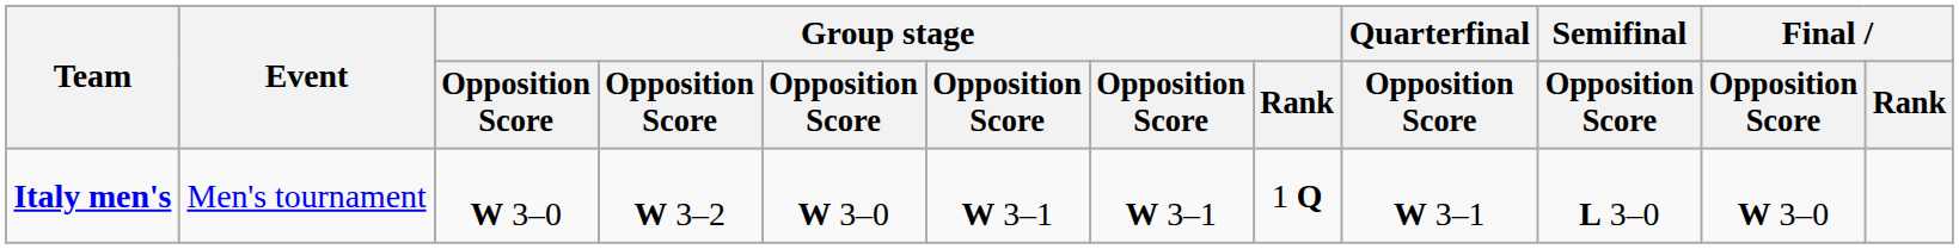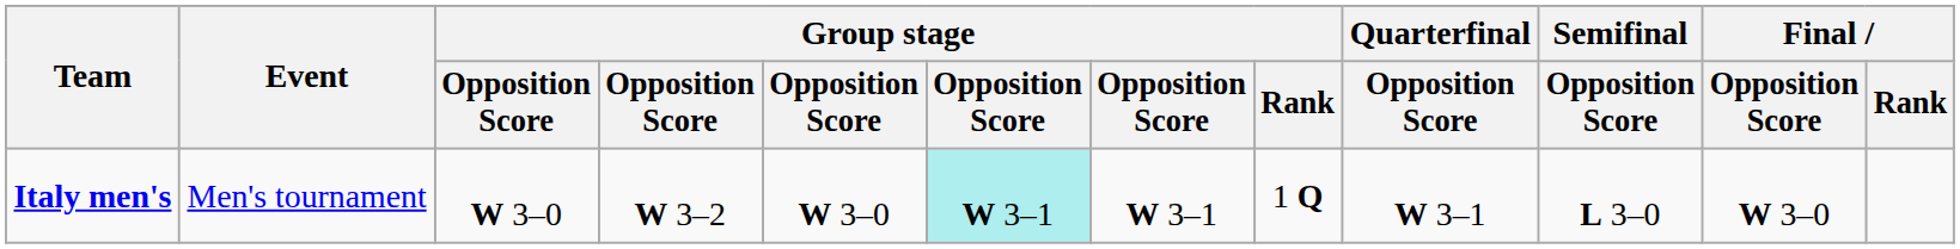 <table class="wikitable" style="font-size:90%">
 <tr>
 <th rowspan=2>Team</th>
 <th rowspan=2>Event</th>
 <th colspan=6>Group stage</th>
 <th>Quarterfinal</th>
 <th>Semifinal</th>
 <th colspan=2>Final / </th>
 </tr>
 <tr style="font-size:95%">
 <th>Opposition<br>Score</th>
 <th>Opposition<br>Score</th>
 <th>Opposition<br>Score</th>
 <th>Opposition<br>Score</th>
 <th>Opposition<br>Score</th>
 <th>Rank</th>
 <th>Opposition<br>Score</th>
 <th>Opposition<br>Score</th>
 <th>Opposition<br>Score</th>
 <th>Rank</th>
 </tr>
 <tr align=center>
 <td align=left><strong><a href='#'>Italy men's</a></strong></td>
 <td align=left><a href='#'>Men's tournament</a></td>
 <td><br><strong>W</strong> 3–0</td>
 <td><br><strong>W</strong> 3–2</td>
 <td><br><strong>W</strong> 3–0</td>
-<td><br><strong>W</strong> 3–1</td>
+<td style="background: paleturquoise;"><br><strong>W</strong> 3–1</td>
 <td><br><strong>W</strong> 3–1</td>
 <td>1 <strong>Q</strong></td>
 <td><br><strong>W</strong> 3–1</td>
 <td><br><strong>L</strong> 3–0</td>
 <td><br><strong>W</strong> 3–0</td>
 <td></td>
 </tr>
 </table>
